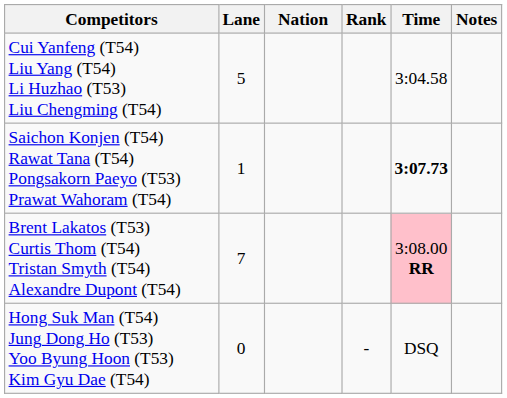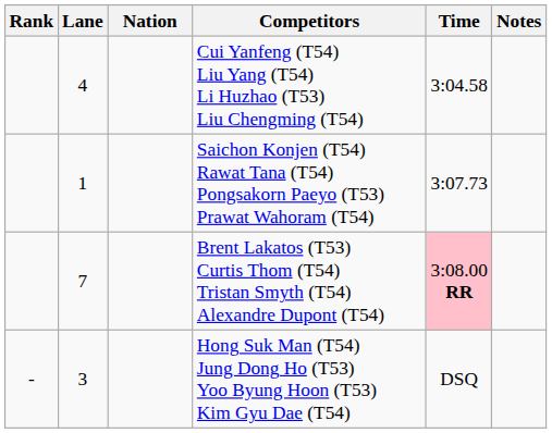 <table class="wikitable sortable"  style="width:70%; text-align:center; font-size:95%;">
 <tr>
-<th width=400>Competitors</th>
+<th width=15>Rank</th>
 <th width=15>Lane</th>
 <th width=100>Nation</th>
-<th width=15>Rank</th>
+<th width=400>Competitors</th>
 <th width=15>Time</th>
 <th width=15>Notes</th>
 </tr>
 <tr>
+<td></td>
+<td>4</td>
+<td align=left></td>
 <td align=left><a href='#'>Cui Yanfeng</a> (T54)<br><a href='#'>Liu Yang</a> (T54)<br><a href='#'>Li Huzhao</a> (T53)<br><a href='#'>Liu Chengming</a> (T54)</td>
-<td>5</td>
-<td align=left></td>
-<td></td>
 <td>3:04.58</td>
 <td></td>
 </tr>
 <tr>
-<td align=left><a href='#'>Saichon Konjen</a> (T54)<br><a href='#'>Rawat Tana</a> (T54)<br><a href='#'>Pongsakorn Paeyo</a> (T53)<br><a href='#'>Prawat Wahoram</a> (T54)</td>
+<td></td>
 <td>1</td>
 <td align=left></td>
-<td></td>
-<td><strong>3:07.73</strong></td>
+<td align=left><a href='#'>Saichon Konjen</a> (T54)<br><a href='#'>Rawat Tana</a> (T54)<br><a href='#'>Pongsakorn Paeyo</a> (T53)<br><a href='#'>Prawat Wahoram</a> (T54)</td>
+<td>3:07.73</td>
 <td></td>
 </tr>
 <tr>
-<td align=left><a href='#'>Brent Lakatos</a> (T53)<br><a href='#'>Curtis Thom</a> (T54)<br><a href='#'>Tristan Smyth</a> (T54)<br><a href='#'>Alexandre Dupont</a> (T54)</td>
+<td></td>
 <td>7</td>
 <td align=left></td>
-<td></td>
+<td align=left><a href='#'>Brent Lakatos</a> (T53)<br><a href='#'>Curtis Thom</a> (T54)<br><a href='#'>Tristan Smyth</a> (T54)<br><a href='#'>Alexandre Dupont</a> (T54)</td>
 <td style="background: pink;">3:08.00 <strong>RR</strong></td>
 <td></td>
 </tr>
 <tr>
+<td>-</td>
+<td>3</td>
+<td align=left></td>
 <td align=left><a href='#'>Hong Suk Man</a> (T54)<br><a href='#'>Jung Dong Ho</a> (T53)<br><a href='#'>Yoo Byung Hoon</a> (T53)<br><a href='#'>Kim Gyu Dae</a> (T54)</td>
-<td>0</td>
-<td align=left></td>
-<td>-</td>
 <td>DSQ</td>
 <td></td>
 </tr>
 </table>
